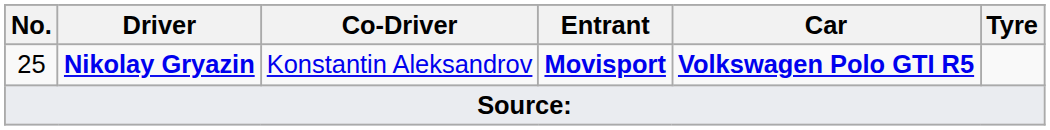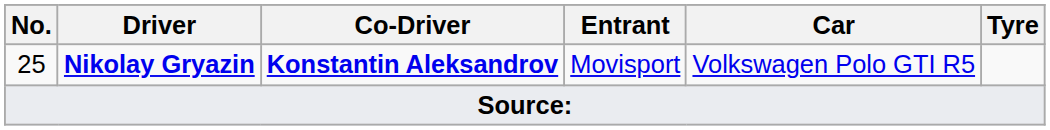 <table class="wikitable" style="font-size: 85%;">
 <tr>
 <th>No.</th>
 <th>Driver</th>
 <th>Co-Driver</th>
 <th>Entrant</th>
 <th>Car</th>
 <th>Tyre</th>
 </tr>
 <tr>
 <td align="center">25</td>
 <td><strong> <a href='#'>Nikolay Gryazin</a></strong></td>
-<td> <a href='#'>Konstantin Aleksandrov</a></td>
-<td><strong> <a href='#'>Movisport</a></strong></td>
-<td nowrap><strong><a href='#'>Volkswagen Polo GTI R5</a></strong></td>
+<td><strong> <a href='#'>Konstantin Aleksandrov</a></strong></td>
+<td> <a href='#'>Movisport</a></td>
+<td nowrap><a href='#'>Volkswagen Polo GTI R5</a></td>
 <td align="center"></td>
 </tr>
 <tr>
 <td colspan="6" style="background-color:#EAECF0;text-align:center"><strong>Source:</strong></td>
 </tr>
 </table>
